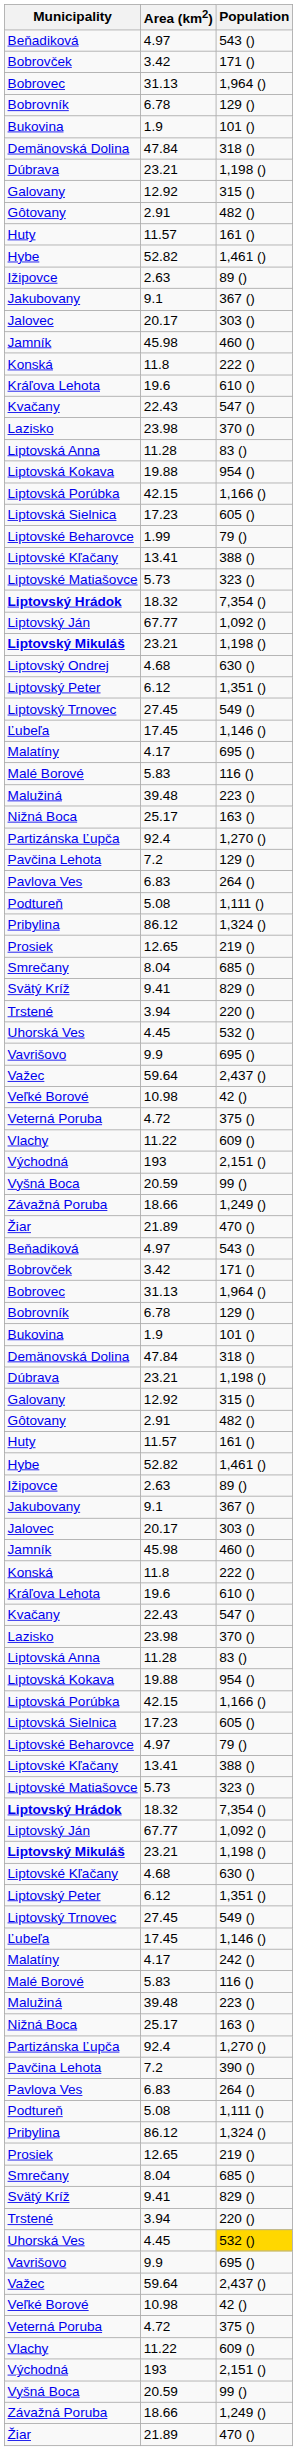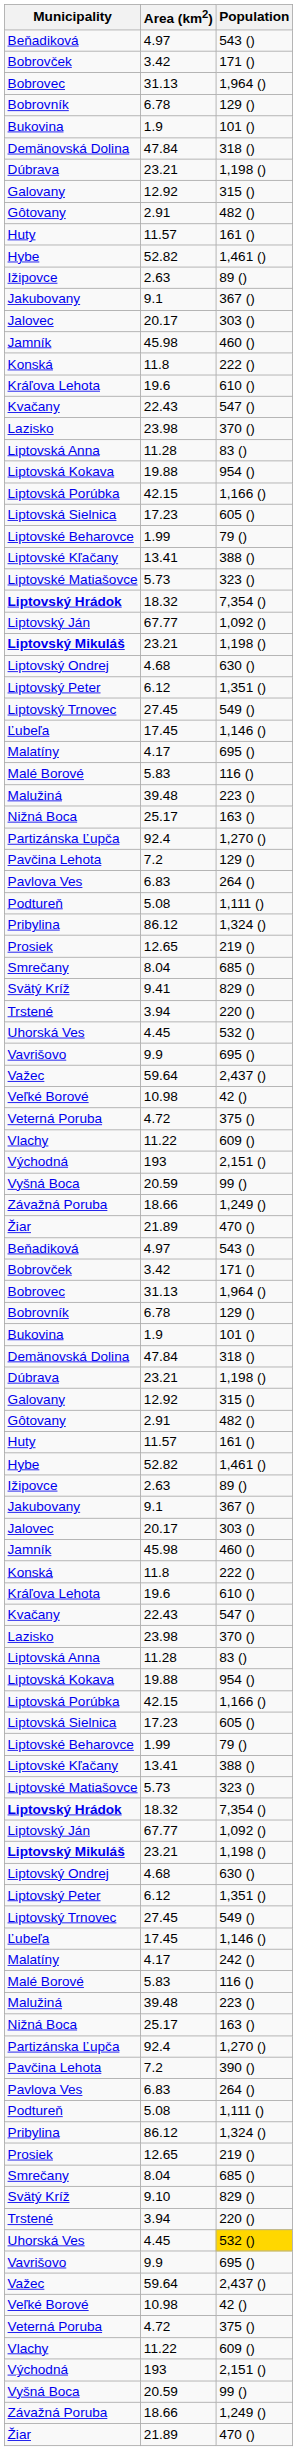 <table class="wikitable sortable">
 <tr>
 <th>Municipality</th>
 <th>Area (km<sup>2</sup>)</th>
 <th>Population</th>
 </tr>
 <tr>
 <td><a href='#'>Beňadiková</a></td>
 <td>4.97</td>
 <td>543 ()</td>
 </tr>
 <tr>
 <td><a href='#'>Bobrovček</a></td>
 <td>3.42</td>
 <td>171 ()</td>
 </tr>
 <tr>
 <td><a href='#'>Bobrovec</a></td>
 <td>31.13</td>
 <td>1,964 ()</td>
 </tr>
 <tr>
 <td><a href='#'>Bobrovník</a></td>
 <td>6.78</td>
 <td>129 ()</td>
 </tr>
 <tr>
 <td><a href='#'>Bukovina</a></td>
 <td>1.9</td>
 <td>101 ()</td>
 </tr>
 <tr>
 <td><a href='#'>Demänovská Dolina</a></td>
 <td>47.84</td>
 <td>318 ()</td>
 </tr>
 <tr>
 <td><a href='#'>Dúbrava</a></td>
 <td>23.21</td>
 <td>1,198 ()</td>
 </tr>
 <tr>
 <td><a href='#'>Galovany</a></td>
 <td>12.92</td>
 <td>315 ()</td>
 </tr>
 <tr>
 <td><a href='#'>Gôtovany</a></td>
 <td>2.91</td>
 <td>482 ()</td>
 </tr>
 <tr>
 <td><a href='#'>Huty</a></td>
 <td>11.57</td>
 <td>161 ()</td>
 </tr>
 <tr>
 <td><a href='#'>Hybe</a></td>
 <td>52.82</td>
 <td>1,461 ()</td>
 </tr>
 <tr>
 <td><a href='#'>Ižipovce</a></td>
 <td>2.63</td>
 <td>89 ()</td>
 </tr>
 <tr>
 <td><a href='#'>Jakubovany</a></td>
 <td>9.1</td>
 <td>367 ()</td>
 </tr>
 <tr>
 <td><a href='#'>Jalovec</a></td>
 <td>20.17</td>
 <td>303 ()</td>
 </tr>
 <tr>
 <td><a href='#'>Jamník</a></td>
 <td>45.98</td>
 <td>460 ()</td>
 </tr>
 <tr>
 <td><a href='#'>Konská</a></td>
 <td>11.8</td>
 <td>222 ()</td>
 </tr>
 <tr>
 <td><a href='#'>Kráľova Lehota</a></td>
 <td>19.6</td>
 <td>610 ()</td>
 </tr>
 <tr>
 <td><a href='#'>Kvačany</a></td>
 <td>22.43</td>
 <td>547 ()</td>
 </tr>
 <tr>
 <td><a href='#'>Lazisko</a></td>
 <td>23.98</td>
 <td>370 ()</td>
 </tr>
 <tr>
 <td><a href='#'>Liptovská Anna</a></td>
 <td>11.28</td>
 <td>83 ()</td>
 </tr>
 <tr>
 <td><a href='#'>Liptovská Kokava</a></td>
 <td>19.88</td>
 <td>954 ()</td>
 </tr>
 <tr>
 <td><a href='#'>Liptovská Porúbka</a></td>
 <td>42.15</td>
 <td>1,166 ()</td>
 </tr>
 <tr>
 <td><a href='#'>Liptovská Sielnica</a></td>
 <td>17.23</td>
 <td>605 ()</td>
 </tr>
 <tr>
 <td><a href='#'>Liptovské Beharovce</a></td>
 <td>1.99</td>
 <td>79 ()</td>
 </tr>
 <tr>
 <td><a href='#'>Liptovské Kľačany</a></td>
 <td>13.41</td>
 <td>388 ()</td>
 </tr>
 <tr>
 <td><a href='#'>Liptovské Matiašovce</a></td>
 <td>5.73</td>
 <td>323 ()</td>
 </tr>
 <tr>
 <td><strong><a href='#'>Liptovský Hrádok</a></strong></td>
 <td>18.32</td>
 <td>7,354 ()</td>
 </tr>
 <tr>
 <td><a href='#'>Liptovský Ján</a></td>
 <td>67.77</td>
 <td>1,092 ()</td>
 </tr>
 <tr>
 <td><strong><a href='#'>Liptovský Mikuláš</a></strong></td>
 <td>23.21</td>
 <td>1,198 ()</td>
 </tr>
 <tr>
 <td><a href='#'>Liptovský Ondrej</a></td>
 <td>4.68</td>
 <td>630 ()</td>
 </tr>
 <tr>
 <td><a href='#'>Liptovský Peter</a></td>
 <td>6.12</td>
 <td>1,351 ()</td>
 </tr>
 <tr>
 <td><a href='#'>Liptovský Trnovec</a></td>
 <td>27.45</td>
 <td>549 ()</td>
 </tr>
 <tr>
 <td><a href='#'>Ľubeľa</a></td>
 <td>17.45</td>
 <td>1,146 ()</td>
 </tr>
 <tr>
 <td><a href='#'>Malatíny</a></td>
 <td>4.17</td>
 <td>695 ()</td>
 </tr>
 <tr>
 <td><a href='#'>Malé Borové</a></td>
 <td>5.83</td>
 <td>116 ()</td>
 </tr>
 <tr>
 <td><a href='#'>Malužiná</a></td>
 <td>39.48</td>
 <td>223 ()</td>
 </tr>
 <tr>
 <td><a href='#'>Nižná Boca</a></td>
 <td>25.17</td>
 <td>163 ()</td>
 </tr>
 <tr>
 <td><a href='#'>Partizánska Ľupča</a></td>
 <td>92.4</td>
 <td>1,270 ()</td>
 </tr>
 <tr>
 <td><a href='#'>Pavčina Lehota</a></td>
 <td>7.2</td>
 <td>129 ()</td>
 </tr>
 <tr>
 <td><a href='#'>Pavlova Ves</a></td>
 <td>6.83</td>
 <td>264 ()</td>
 </tr>
 <tr>
 <td><a href='#'>Podtureň</a></td>
 <td>5.08</td>
 <td>1,111 ()</td>
 </tr>
 <tr>
 <td><a href='#'>Pribylina</a></td>
 <td>86.12</td>
 <td>1,324 ()</td>
 </tr>
 <tr>
 <td><a href='#'>Prosiek</a></td>
 <td>12.65</td>
 <td>219 ()</td>
 </tr>
 <tr>
 <td><a href='#'>Smrečany</a></td>
 <td>8.04</td>
 <td>685 ()</td>
 </tr>
 <tr>
 <td><a href='#'>Svätý Kríž</a></td>
 <td>9.41</td>
 <td>829 ()</td>
 </tr>
 <tr>
 <td><a href='#'>Trstené</a></td>
 <td>3.94</td>
 <td>220 ()</td>
 </tr>
 <tr>
 <td><a href='#'>Uhorská Ves</a></td>
 <td>4.45</td>
 <td>532 ()</td>
 </tr>
 <tr>
 <td><a href='#'>Vavrišovo</a></td>
 <td>9.9</td>
 <td>695 ()</td>
 </tr>
 <tr>
 <td><a href='#'>Važec</a></td>
 <td>59.64</td>
 <td>2,437 ()</td>
 </tr>
 <tr>
 <td><a href='#'>Veľké Borové</a></td>
 <td>10.98</td>
 <td>42 ()</td>
 </tr>
 <tr>
 <td><a href='#'>Veterná Poruba</a></td>
 <td>4.72</td>
 <td>375 ()</td>
 </tr>
 <tr>
 <td><a href='#'>Vlachy</a></td>
 <td>11.22</td>
 <td>609 ()</td>
 </tr>
 <tr>
 <td><a href='#'>Východná</a></td>
 <td>193</td>
 <td>2,151 ()</td>
 </tr>
 <tr>
 <td><a href='#'>Vyšná Boca</a></td>
 <td>20.59</td>
 <td>99 ()</td>
 </tr>
 <tr>
 <td><a href='#'>Závažná Poruba</a></td>
 <td>18.66</td>
 <td>1,249 ()</td>
 </tr>
 <tr>
 <td><a href='#'>Žiar</a></td>
 <td>21.89</td>
 <td>470 ()</td>
 </tr>
 <tr>
 <td><a href='#'>Beňadiková</a></td>
 <td>4.97</td>
 <td>543 ()</td>
 </tr>
 <tr>
 <td><a href='#'>Bobrovček</a></td>
 <td>3.42</td>
 <td>171 ()</td>
 </tr>
 <tr>
 <td><a href='#'>Bobrovec</a></td>
 <td>31.13</td>
 <td>1,964 ()</td>
 </tr>
 <tr>
 <td><a href='#'>Bobrovník</a></td>
 <td>6.78</td>
 <td>129 ()</td>
 </tr>
 <tr>
 <td><a href='#'>Bukovina</a></td>
 <td>1.9</td>
 <td>101 ()</td>
 </tr>
 <tr>
 <td><a href='#'>Demänovská Dolina</a></td>
 <td>47.84</td>
 <td>318 ()</td>
 </tr>
 <tr>
 <td><a href='#'>Dúbrava</a></td>
 <td>23.21</td>
 <td>1,198 ()</td>
 </tr>
 <tr>
 <td><a href='#'>Galovany</a></td>
 <td>12.92</td>
 <td>315 ()</td>
 </tr>
 <tr>
 <td><a href='#'>Gôtovany</a></td>
 <td>2.91</td>
 <td>482 ()</td>
 </tr>
 <tr>
 <td><a href='#'>Huty</a></td>
 <td>11.57</td>
 <td>161 ()</td>
 </tr>
 <tr>
 <td><a href='#'>Hybe</a></td>
 <td>52.82</td>
 <td>1,461 ()</td>
 </tr>
 <tr>
 <td><a href='#'>Ižipovce</a></td>
 <td>2.63</td>
 <td>89 ()</td>
 </tr>
 <tr>
 <td><a href='#'>Jakubovany</a></td>
 <td>9.1</td>
 <td>367 ()</td>
 </tr>
 <tr>
 <td><a href='#'>Jalovec</a></td>
 <td>20.17</td>
 <td>303 ()</td>
 </tr>
 <tr>
 <td><a href='#'>Jamník</a></td>
 <td>45.98</td>
 <td>460 ()</td>
 </tr>
 <tr>
 <td><a href='#'>Konská</a></td>
 <td>11.8</td>
 <td>222 ()</td>
 </tr>
 <tr>
 <td><a href='#'>Kráľova Lehota</a></td>
 <td>19.6</td>
 <td>610 ()</td>
 </tr>
 <tr>
 <td><a href='#'>Kvačany</a></td>
 <td>22.43</td>
 <td>547 ()</td>
 </tr>
 <tr>
 <td><a href='#'>Lazisko</a></td>
 <td>23.98</td>
 <td>370 ()</td>
 </tr>
 <tr>
 <td><a href='#'>Liptovská Anna</a></td>
 <td>11.28</td>
 <td>83 ()</td>
 </tr>
 <tr>
 <td><a href='#'>Liptovská Kokava</a></td>
 <td>19.88</td>
 <td>954 ()</td>
 </tr>
 <tr>
 <td><a href='#'>Liptovská Porúbka</a></td>
 <td>42.15</td>
 <td>1,166 ()</td>
 </tr>
 <tr>
 <td><a href='#'>Liptovská Sielnica</a></td>
 <td>17.23</td>
 <td>605 ()</td>
 </tr>
 <tr>
 <td><a href='#'>Liptovské Beharovce</a></td>
-<td>4.97</td>
+<td>1.99</td>
 <td>79 ()</td>
 </tr>
 <tr>
 <td><a href='#'>Liptovské Kľačany</a></td>
 <td>13.41</td>
 <td>388 ()</td>
 </tr>
 <tr>
 <td><a href='#'>Liptovské Matiašovce</a></td>
 <td>5.73</td>
 <td>323 ()</td>
 </tr>
 <tr>
 <td><strong><a href='#'>Liptovský Hrádok</a></strong></td>
 <td>18.32</td>
 <td>7,354 ()</td>
 </tr>
 <tr>
 <td><a href='#'>Liptovský Ján</a></td>
 <td>67.77</td>
 <td>1,092 ()</td>
 </tr>
 <tr>
 <td><strong><a href='#'>Liptovský Mikuláš</a></strong></td>
 <td>23.21</td>
 <td>1,198 ()</td>
 </tr>
 <tr>
-<td><a href='#'>Liptovské Kľačany</a></td>
+<td><a href='#'>Liptovský Ondrej</a></td>
 <td>4.68</td>
 <td>630 ()</td>
 </tr>
 <tr>
 <td><a href='#'>Liptovský Peter</a></td>
 <td>6.12</td>
 <td>1,351 ()</td>
 </tr>
 <tr>
 <td><a href='#'>Liptovský Trnovec</a></td>
 <td>27.45</td>
 <td>549 ()</td>
 </tr>
 <tr>
 <td><a href='#'>Ľubeľa</a></td>
 <td>17.45</td>
 <td>1,146 ()</td>
 </tr>
 <tr>
 <td><a href='#'>Malatíny</a></td>
 <td>4.17</td>
 <td>242 ()</td>
 </tr>
 <tr>
 <td><a href='#'>Malé Borové</a></td>
 <td>5.83</td>
 <td>116 ()</td>
 </tr>
 <tr>
 <td><a href='#'>Malužiná</a></td>
 <td>39.48</td>
 <td>223 ()</td>
 </tr>
 <tr>
 <td><a href='#'>Nižná Boca</a></td>
 <td>25.17</td>
 <td>163 ()</td>
 </tr>
 <tr>
 <td><a href='#'>Partizánska Ľupča</a></td>
 <td>92.4</td>
 <td>1,270 ()</td>
 </tr>
 <tr>
 <td><a href='#'>Pavčina Lehota</a></td>
 <td>7.2</td>
 <td>390 ()</td>
 </tr>
 <tr>
 <td><a href='#'>Pavlova Ves</a></td>
 <td>6.83</td>
 <td>264 ()</td>
 </tr>
 <tr>
 <td><a href='#'>Podtureň</a></td>
 <td>5.08</td>
 <td>1,111 ()</td>
 </tr>
 <tr>
 <td><a href='#'>Pribylina</a></td>
 <td>86.12</td>
 <td>1,324 ()</td>
 </tr>
 <tr>
 <td><a href='#'>Prosiek</a></td>
 <td>12.65</td>
 <td>219 ()</td>
 </tr>
 <tr>
 <td><a href='#'>Smrečany</a></td>
 <td>8.04</td>
 <td>685 ()</td>
 </tr>
 <tr>
 <td><a href='#'>Svätý Kríž</a></td>
-<td>9.41</td>
+<td>9.10</td>
 <td>829 ()</td>
 </tr>
 <tr>
 <td><a href='#'>Trstené</a></td>
 <td>3.94</td>
 <td>220 ()</td>
 </tr>
 <tr>
 <td><a href='#'>Uhorská Ves</a></td>
 <td>4.45</td>
 <td style="background: gold;">532 ()</td>
 </tr>
 <tr>
 <td><a href='#'>Vavrišovo</a></td>
 <td>9.9</td>
 <td>695 ()</td>
 </tr>
 <tr>
 <td><a href='#'>Važec</a></td>
 <td>59.64</td>
 <td>2,437 ()</td>
 </tr>
 <tr>
 <td><a href='#'>Veľké Borové</a></td>
 <td>10.98</td>
 <td>42 ()</td>
 </tr>
 <tr>
 <td><a href='#'>Veterná Poruba</a></td>
 <td>4.72</td>
 <td>375 ()</td>
 </tr>
 <tr>
 <td><a href='#'>Vlachy</a></td>
 <td>11.22</td>
 <td>609 ()</td>
 </tr>
 <tr>
 <td><a href='#'>Východná</a></td>
 <td>193</td>
 <td>2,151 ()</td>
 </tr>
 <tr>
 <td><a href='#'>Vyšná Boca</a></td>
 <td>20.59</td>
 <td>99 ()</td>
 </tr>
 <tr>
 <td><a href='#'>Závažná Poruba</a></td>
 <td>18.66</td>
 <td>1,249 ()</td>
 </tr>
 <tr>
 <td><a href='#'>Žiar</a></td>
 <td>21.89</td>
 <td>470 ()</td>
 </tr>
 </table>
